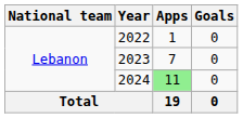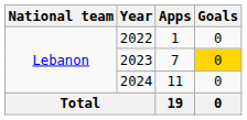 <table class="wikitable" style="text-align:center">
 <tr>
 <th>National team</th>
 <th>Year</th>
 <th>Apps</th>
 <th>Goals</th>
 </tr>
 <tr>
 <td rowspan="3"><a href='#'>Lebanon</a></td>
 <td>2022</td>
 <td>1</td>
 <td>0</td>
 </tr>
 <tr>
 <td>2023</td>
 <td>7</td>
-<td>0</td>
+<td style="background: gold;">0</td>
 </tr>
 <tr>
 <td>2024</td>
-<td style="background: lightgreen;">11</td>
+<td>11</td>
 <td>0</td>
 </tr>
 <tr>
 <th colspan="2">Total</th>
 <th>19</th>
 <th>0</th>
 </tr>
 </table>
